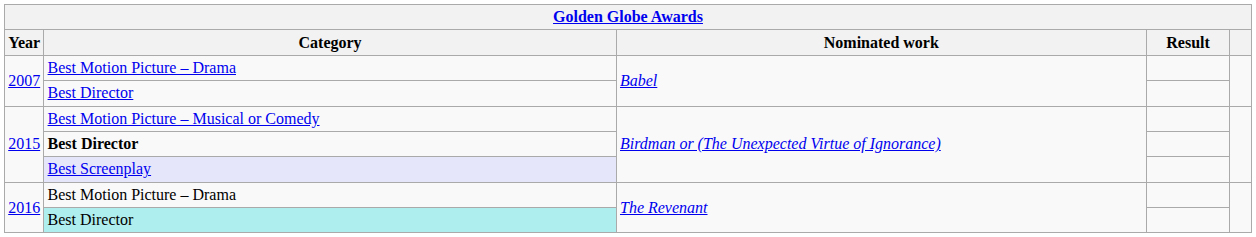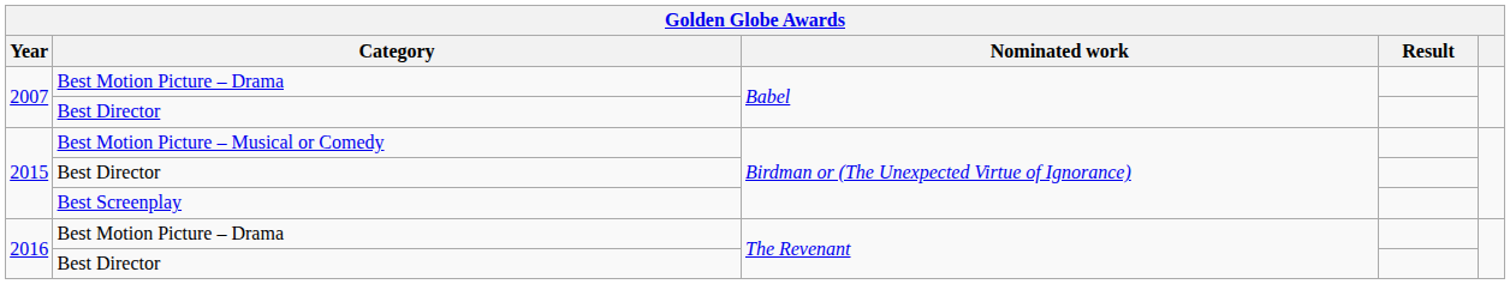 <table class="wikitable">
 <tr>
 <th colspan="5" style="text-align:center;"><a href='#'>Golden Globe Awards</a></th>
 </tr>
 <tr>
 <th scope="col" style="width:1em;">Year</th>
 <th scope="col" style="width:39em;">Category</th>
 <th scope="col" style="width:36em;">Nominated work</th>
 <th scope="col" style="width:5em;">Result</th>
 <th scope="col" style="width:1em;"></th>
 </tr>
 <tr>
 <td rowspan="2"><a href='#'>2007</a></td>
 <td><a href='#'>Best Motion Picture – Drama</a></td>
 <td rowspan="2"><em><a href='#'>Babel</a></em></td>
 <td></td>
 <td style="text-align:center;" rowspan="2"></td>
 </tr>
 <tr>
 <td><a href='#'>Best Director</a></td>
 <td></td>
 </tr>
 <tr>
 <td rowspan="3"><a href='#'>2015</a></td>
 <td><a href='#'>Best Motion Picture – Musical or Comedy</a></td>
 <td rowspan="3"><em><a href='#'>Birdman or (The Unexpected Virtue of Ignorance)</a></em></td>
 <td></td>
 <td style="text-align:center;" rowspan="3"></td>
 </tr>
 <tr>
-<td><strong>Best Director</strong></td>
+<td>Best Director</td>
 <td></td>
 </tr>
 <tr>
-<td style="background: lavender;"><a href='#'>Best Screenplay</a></td>
+<td><a href='#'>Best Screenplay</a></td>
 <td></td>
 </tr>
 <tr>
 <td rowspan="2"><a href='#'>2016</a></td>
 <td>Best Motion Picture – Drama</td>
 <td rowspan="2"><em><a href='#'>The Revenant</a></em></td>
 <td></td>
 <td style="text-align:center;" rowspan="2"></td>
 </tr>
 <tr>
-<td style="background: paleturquoise;">Best Director</td>
+<td>Best Director</td>
 <td></td>
 </tr>
 </table>
